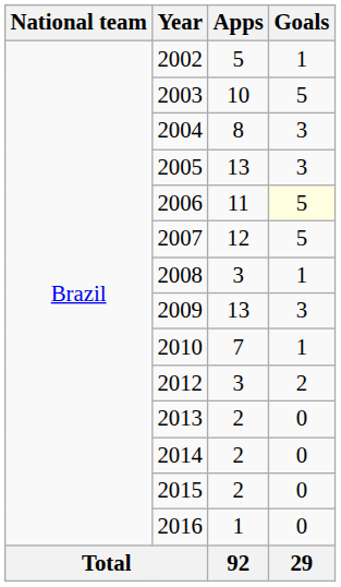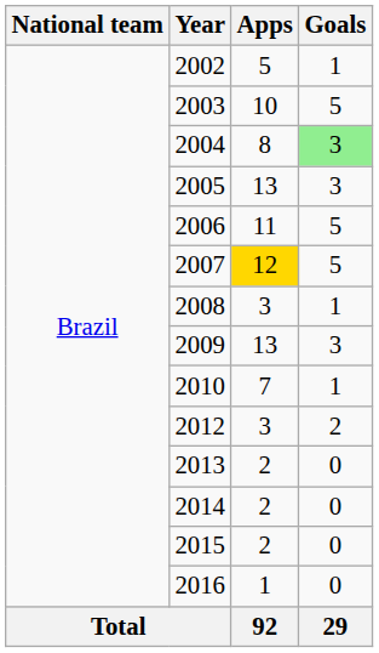 <table class="wikitable" style="text-align:center">
 <tr>
 <th>National team</th>
 <th>Year</th>
 <th>Apps</th>
 <th>Goals</th>
 </tr>
 <tr>
 <td rowspan="14"><a href='#'>Brazil</a></td>
 <td>2002</td>
 <td>5</td>
 <td>1</td>
 </tr>
 <tr>
 <td>2003</td>
 <td>10</td>
 <td>5</td>
 </tr>
 <tr>
 <td>2004</td>
 <td>8</td>
-<td>3</td>
+<td style="background: lightgreen;">3</td>
 </tr>
 <tr>
 <td>2005</td>
 <td>13</td>
 <td>3</td>
 </tr>
 <tr>
 <td>2006</td>
 <td>11</td>
-<td style="background: lightyellow;">5</td>
+<td>5</td>
 </tr>
 <tr>
 <td>2007</td>
-<td>12</td>
+<td style="background: gold;">12</td>
 <td>5</td>
 </tr>
 <tr>
 <td>2008</td>
 <td>3</td>
 <td>1</td>
 </tr>
 <tr>
 <td>2009</td>
 <td>13</td>
 <td>3</td>
 </tr>
 <tr>
 <td>2010</td>
 <td>7</td>
 <td>1</td>
 </tr>
 <tr>
 <td>2012</td>
 <td>3</td>
 <td>2</td>
 </tr>
 <tr>
 <td>2013</td>
 <td>2</td>
 <td>0</td>
 </tr>
 <tr>
 <td>2014</td>
 <td>2</td>
 <td>0</td>
 </tr>
 <tr>
 <td>2015</td>
 <td>2</td>
 <td>0</td>
 </tr>
 <tr>
 <td>2016</td>
 <td>1</td>
 <td>0</td>
 </tr>
 <tr>
 <th colspan="2">Total</th>
 <th>92</th>
 <th>29</th>
 </tr>
 </table>
